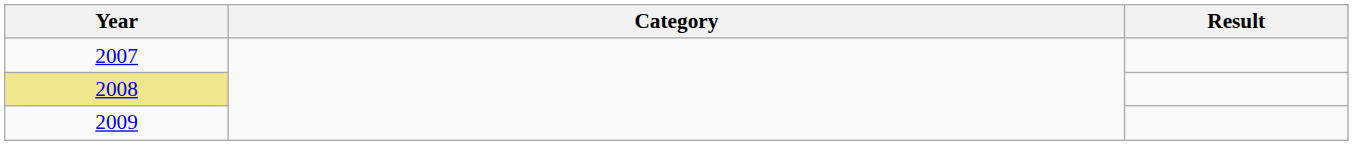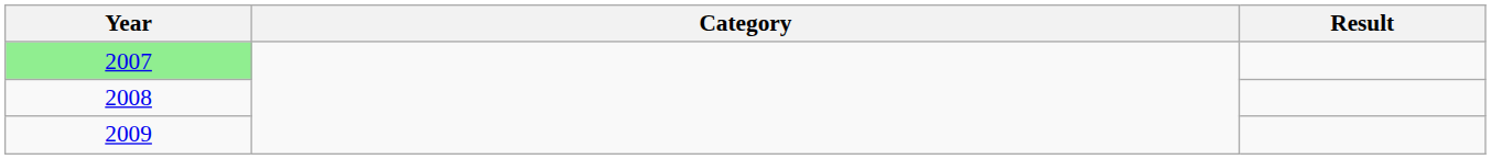 <table class="wikitable" width="80%">
 <tr>
 <th width="10%">Year</th>
 <th width="40%">Category</th>
 <th width="10%">Result</th>
 </tr>
 <tr>
-<td align="center"><a href='#'>2007</a></td>
+<td align="center" style="background: lightgreen;"><a href='#'>2007</a></td>
 <td rowspan="3" align="center"></td>
 <td></td>
 </tr>
 <tr>
-<td align="center" style="background: khaki;"><a href='#'>2008</a></td>
+<td align="center"><a href='#'>2008</a></td>
 <td></td>
 </tr>
 <tr>
 <td align="center"><a href='#'>2009</a></td>
 <td></td>
 </tr>
 </table>
